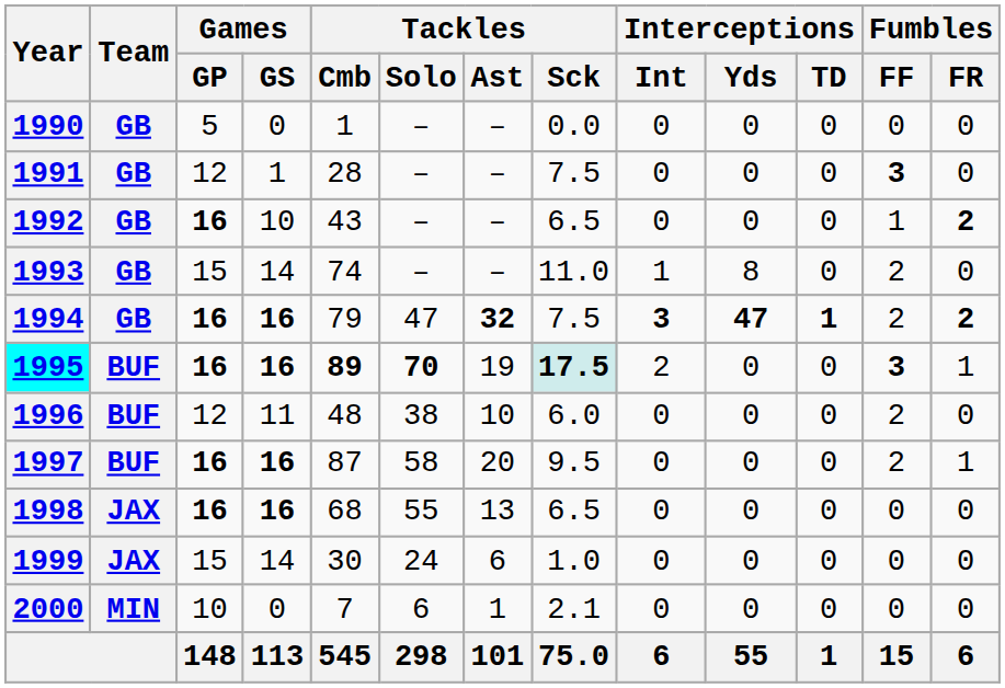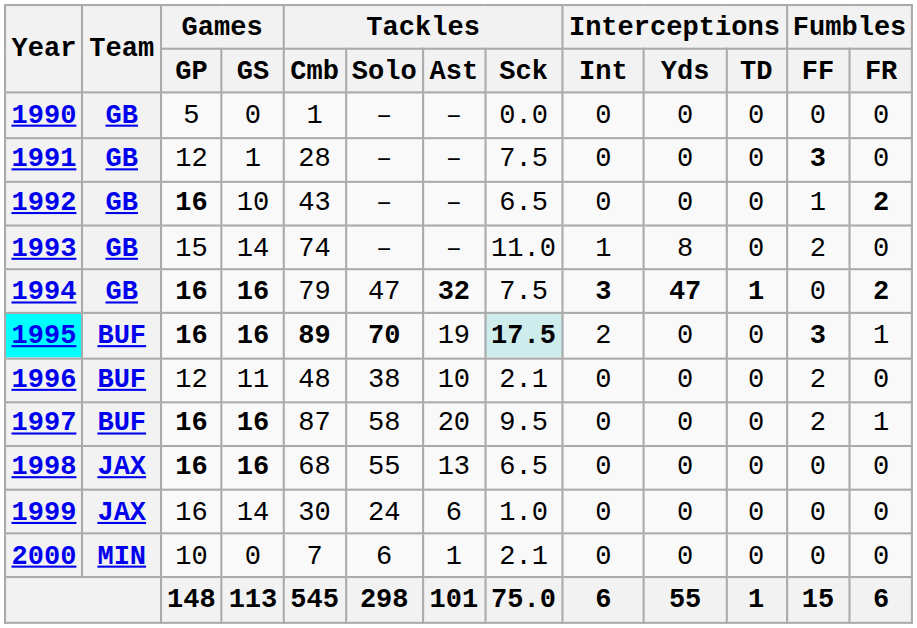 <table class="wikitable sortable" style="text-align: center;">
 <tr>
 <th rowspan="2">Year</th>
 <th rowspan="2">Team</th>
 <th colspan="2">Games</th>
 <th colspan="4">Tackles</th>
 <th colspan="3">Interceptions</th>
 <th colspan="2">Fumbles</th>
 </tr>
 <tr>
 <th>GP</th>
 <th>GS</th>
 <th>Cmb</th>
 <th>Solo</th>
 <th>Ast</th>
 <th>Sck</th>
 <th>Int</th>
 <th>Yds</th>
 <th>TD</th>
 <th>FF</th>
 <th>FR</th>
 </tr>
 <tr>
 <th><a href='#'>1990</a></th>
 <th><a href='#'>GB</a></th>
 <td>5</td>
 <td>0</td>
 <td>1</td>
 <td>–</td>
 <td>–</td>
 <td>0.0</td>
 <td>0</td>
 <td>0</td>
 <td>0</td>
 <td>0</td>
 <td>0</td>
 </tr>
 <tr>
 <th><a href='#'>1991</a></th>
 <th><a href='#'>GB</a></th>
 <td>12</td>
 <td>1</td>
 <td>28</td>
 <td>–</td>
 <td>–</td>
 <td>7.5</td>
 <td>0</td>
 <td>0</td>
 <td>0</td>
 <td><strong>3</strong></td>
 <td>0</td>
 </tr>
 <tr>
 <th><a href='#'>1992</a></th>
 <th><a href='#'>GB</a></th>
 <td><strong>16</strong></td>
 <td>10</td>
 <td>43</td>
 <td>–</td>
 <td>–</td>
 <td>6.5</td>
 <td>0</td>
 <td>0</td>
 <td>0</td>
 <td>1</td>
 <td><strong>2</strong></td>
 </tr>
 <tr>
 <th><a href='#'>1993</a></th>
 <th><a href='#'>GB</a></th>
 <td>15</td>
 <td>14</td>
 <td>74</td>
 <td>–</td>
 <td>–</td>
 <td>11.0</td>
 <td>1</td>
 <td>8</td>
 <td>0</td>
 <td>2</td>
 <td>0</td>
 </tr>
 <tr>
 <th><a href='#'>1994</a></th>
 <th><a href='#'>GB</a></th>
 <td><strong>16</strong></td>
 <td><strong>16</strong></td>
 <td>79</td>
 <td>47</td>
 <td><strong>32</strong></td>
 <td>7.5</td>
 <td><strong>3</strong></td>
 <td><strong>47</strong></td>
 <td><strong>1</strong></td>
-<td>2</td>
+<td>0</td>
 <td><strong>2</strong></td>
 </tr>
 <tr>
 <th style="background:#00ffff;"><a href='#'>1995</a></th>
 <th><a href='#'>BUF</a></th>
 <td><strong>16</strong></td>
 <td><strong>16</strong></td>
 <td><strong>89</strong></td>
 <td><strong>70</strong></td>
 <td>19</td>
 <td style="background:#cfecec;"><strong>17.5</strong></td>
 <td>2</td>
 <td>0</td>
 <td>0</td>
 <td><strong>3</strong></td>
 <td>1</td>
 </tr>
 <tr>
 <th><a href='#'>1996</a></th>
 <th><a href='#'>BUF</a></th>
 <td>12</td>
 <td>11</td>
 <td>48</td>
 <td>38</td>
 <td>10</td>
-<td>6.0</td>
+<td>2.1</td>
 <td>0</td>
 <td>0</td>
 <td>0</td>
 <td>2</td>
 <td>0</td>
 </tr>
 <tr>
 <th><a href='#'>1997</a></th>
 <th><a href='#'>BUF</a></th>
 <td><strong>16</strong></td>
 <td><strong>16</strong></td>
 <td>87</td>
 <td>58</td>
 <td>20</td>
 <td>9.5</td>
 <td>0</td>
 <td>0</td>
 <td>0</td>
 <td>2</td>
 <td>1</td>
 </tr>
 <tr>
 <th><a href='#'>1998</a></th>
 <th><a href='#'>JAX</a></th>
 <td><strong>16</strong></td>
 <td><strong>16</strong></td>
 <td>68</td>
 <td>55</td>
 <td>13</td>
 <td>6.5</td>
 <td>0</td>
 <td>0</td>
 <td>0</td>
 <td>0</td>
 <td>0</td>
 </tr>
 <tr>
 <th><a href='#'>1999</a></th>
 <th><a href='#'>JAX</a></th>
-<td>15</td>
+<td>16</td>
 <td>14</td>
 <td>30</td>
 <td>24</td>
 <td>6</td>
 <td>1.0</td>
 <td>0</td>
 <td>0</td>
 <td>0</td>
 <td>0</td>
 <td>0</td>
 </tr>
 <tr>
 <th><a href='#'>2000</a></th>
 <th><a href='#'>MIN</a></th>
 <td>10</td>
 <td>0</td>
 <td>7</td>
 <td>6</td>
 <td>1</td>
 <td>2.1</td>
 <td>0</td>
 <td>0</td>
 <td>0</td>
 <td>0</td>
 <td>0</td>
 </tr>
 <tr>
 <th colspan="2"></th>
 <th>148</th>
 <th>113</th>
 <th>545</th>
 <th>298</th>
 <th>101</th>
 <th>75.0</th>
 <th>6</th>
 <th>55</th>
 <th>1</th>
 <th>15</th>
 <th>6</th>
 </tr>
 </table>
